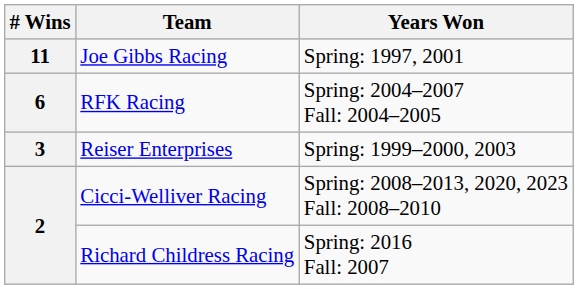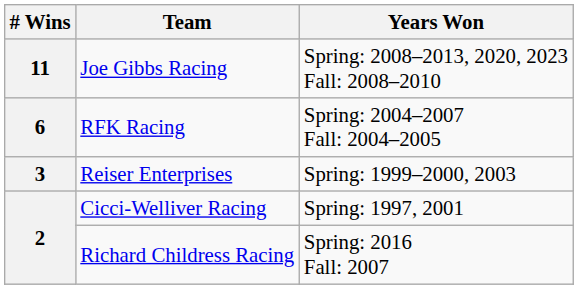 <table class="wikitable" style="font-size: 95%;">
 <tr>
 <th># Wins</th>
 <th>Team</th>
 <th>Years Won</th>
 </tr>
 <tr>
 <th>11</th>
 <td><a href='#'>Joe Gibbs Racing</a></td>
-<td>Spring: 1997, 2001</td>
+<td>Spring: 2008–2013, 2020, 2023<br>Fall: 2008–2010</td>
 </tr>
 <tr>
 <th>6</th>
 <td><a href='#'>RFK Racing</a></td>
 <td>Spring: 2004–2007<br>Fall: 2004–2005</td>
 </tr>
 <tr>
 <th>3</th>
 <td><a href='#'>Reiser Enterprises</a></td>
 <td>Spring: 1999–2000, 2003</td>
 </tr>
 <tr>
 <th rowspan="2">2</th>
 <td><a href='#'>Cicci-Welliver Racing</a></td>
-<td>Spring: 2008–2013, 2020, 2023<br>Fall: 2008–2010</td>
+<td>Spring: 1997, 2001</td>
 </tr>
 <tr>
 <td><a href='#'>Richard Childress Racing</a></td>
 <td>Spring: 2016<br>Fall: 2007</td>
 </tr>
 </table>
